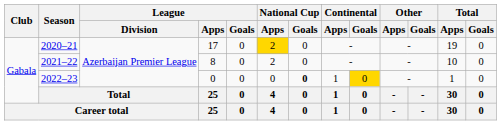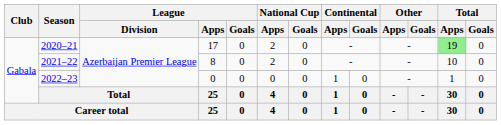 <table class="wikitable" style="text-align: center;">
 <tr>
 <th rowspan="2">Club</th>
 <th rowspan="2">Season</th>
 <th colspan="3">League</th>
 <th colspan="2">National Cup</th>
 <th colspan="2">Continental</th>
 <th colspan="2">Other</th>
 <th colspan="2">Total</th>
 </tr>
 <tr>
 <th>Division</th>
 <th>Apps</th>
 <th>Goals</th>
 <th>Apps</th>
 <th>Goals</th>
 <th>Apps</th>
 <th>Goals</th>
 <th>Apps</th>
 <th>Goals</th>
 <th>Apps</th>
 <th>Goals</th>
 </tr>
 <tr>
 <td rowspan="4" valign="center"><a href='#'>Gabala</a></td>
 <td><a href='#'>2020–21</a></td>
 <td rowspan="3"><a href='#'>Azerbaijan Premier League</a></td>
 <td>17</td>
 <td>0</td>
-<td style="background: gold;">2</td>
+<td>2</td>
 <td>0</td>
 <td colspan="2">-</td>
 <td colspan="2">-</td>
-<td>19</td>
+<td style="background: lightgreen;">19</td>
 <td>0</td>
 </tr>
 <tr>
 <td><a href='#'>2021–22</a></td>
 <td>8</td>
 <td>0</td>
 <td>2</td>
 <td>0</td>
 <td colspan="2">-</td>
 <td colspan="2">-</td>
 <td>10</td>
 <td>0</td>
 </tr>
 <tr>
 <td><a href='#'>2022–23</a></td>
 <td>0</td>
 <td>0</td>
 <td>0</td>
-<td><strong>0</strong></td>
+<td>0</td>
 <td>1</td>
-<td style="background: gold;">0</td>
+<td>0</td>
 <td colspan="2">-</td>
 <td>1</td>
 <td>0</td>
 </tr>
 <tr>
 <th colspan="2">Total</th>
 <th>25</th>
 <th>0</th>
 <th>4</th>
 <th>0</th>
 <th>1</th>
 <th>0</th>
 <th>-</th>
 <th>-</th>
 <th>30</th>
 <th>0</th>
 </tr>
 <tr>
 <th colspan="3">Career total</th>
 <th>25</th>
 <th>0</th>
 <th>4</th>
 <th>0</th>
 <th>1</th>
 <th>0</th>
 <th>-</th>
 <th>-</th>
 <th>30</th>
 <th>0</th>
 </tr>
 </table>
